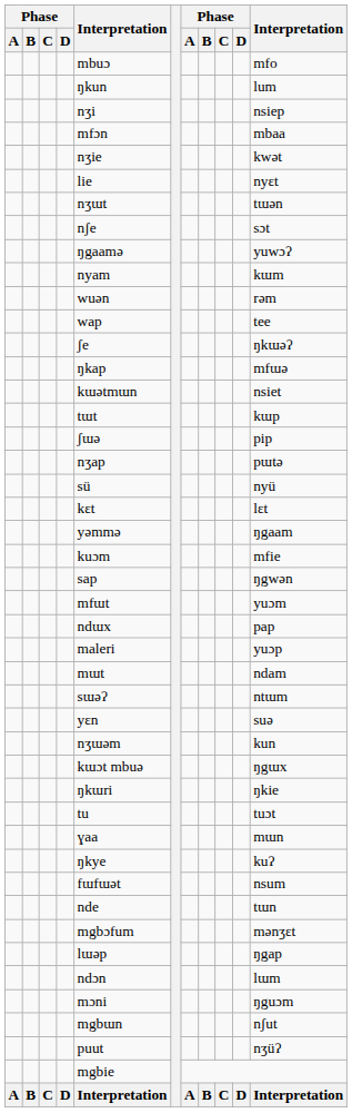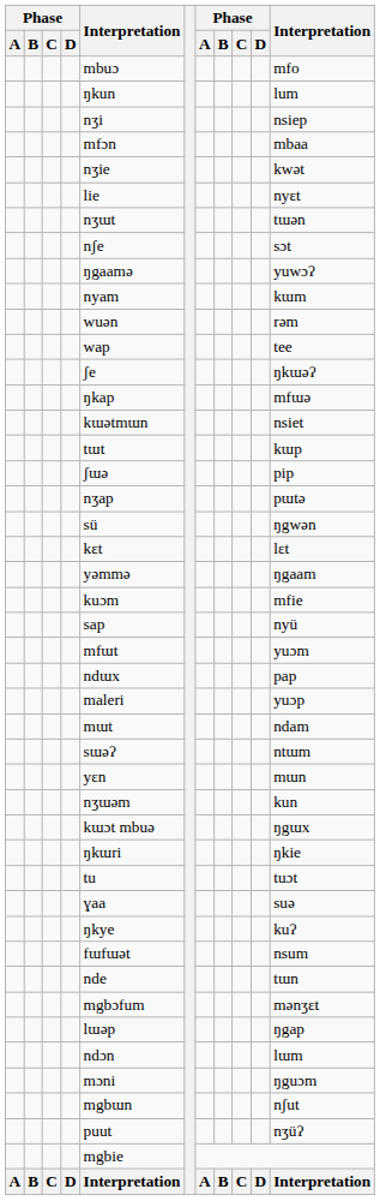 <table class="wikitable Unicode mw-collapsible mw-collapsed" style="border-collapse:collapse;">
 <tr>
 <th colspan="4">Phase</th>
 <th rowspan="2">Interpretation</th>
 <th rowspan="47"> </th>
 <th colspan="4">Phase</th>
 <th rowspan="2">Interpretation</th>
 </tr>
 <tr>
 <th>A</th>
 <th>B</th>
 <th>C</th>
 <th>D</th>
 <th>A</th>
 <th>B</th>
 <th>C</th>
 <th>D</th>
 </tr>
 <tr>
 <td></td>
 <td></td>
 <td></td>
 <td></td>
 <td>mbuɔ</td>
 <td></td>
 <td></td>
 <td></td>
 <td></td>
 <td>mfo</td>
 </tr>
 <tr>
 <td></td>
 <td></td>
 <td></td>
 <td></td>
 <td>ŋkun</td>
 <td></td>
 <td></td>
 <td></td>
 <td></td>
 <td>lum</td>
 </tr>
 <tr>
 <td></td>
 <td></td>
 <td></td>
 <td></td>
 <td>nʒi</td>
 <td></td>
 <td></td>
 <td></td>
 <td></td>
 <td>nsiep</td>
 </tr>
 <tr>
 <td></td>
 <td></td>
 <td></td>
 <td></td>
 <td>mfɔn</td>
 <td></td>
 <td></td>
 <td></td>
 <td></td>
 <td>mbaa</td>
 </tr>
 <tr>
 <td></td>
 <td></td>
 <td></td>
 <td></td>
 <td>nʒie</td>
 <td></td>
 <td></td>
 <td></td>
 <td></td>
 <td>kwət</td>
 </tr>
 <tr>
 <td></td>
 <td></td>
 <td></td>
 <td></td>
 <td>lie</td>
 <td></td>
 <td></td>
 <td></td>
 <td></td>
 <td>nyɛt</td>
 </tr>
 <tr>
 <td></td>
 <td></td>
 <td></td>
 <td></td>
 <td>nʒɯt</td>
 <td></td>
 <td></td>
 <td></td>
 <td></td>
 <td>tɯən</td>
 </tr>
 <tr>
 <td></td>
 <td></td>
 <td></td>
 <td></td>
 <td>nʃe</td>
 <td></td>
 <td></td>
 <td></td>
 <td></td>
 <td>sɔt</td>
 </tr>
 <tr>
 <td></td>
 <td></td>
 <td></td>
 <td></td>
 <td>ŋgaamə</td>
 <td></td>
 <td></td>
 <td></td>
 <td></td>
 <td>yuwɔʔ</td>
 </tr>
 <tr>
 <td></td>
 <td></td>
 <td></td>
 <td></td>
 <td>nyam</td>
 <td></td>
 <td></td>
 <td></td>
 <td></td>
 <td>kɯm</td>
 </tr>
 <tr>
 <td></td>
 <td></td>
 <td></td>
 <td></td>
 <td>wuən</td>
 <td></td>
 <td></td>
 <td></td>
 <td></td>
 <td>rəm</td>
 </tr>
 <tr>
 <td></td>
 <td></td>
 <td></td>
 <td></td>
 <td>wap</td>
 <td></td>
 <td></td>
 <td></td>
 <td></td>
 <td>tee</td>
 </tr>
 <tr>
 <td></td>
 <td></td>
 <td></td>
 <td></td>
 <td>ʃe</td>
 <td></td>
 <td></td>
 <td></td>
 <td></td>
 <td>ŋkɯəʔ</td>
 </tr>
 <tr>
 <td></td>
 <td></td>
 <td></td>
 <td></td>
 <td>ŋkap</td>
 <td></td>
 <td></td>
 <td></td>
 <td></td>
 <td>mfɯə</td>
 </tr>
 <tr>
 <td></td>
 <td></td>
 <td></td>
 <td></td>
 <td>kɯətmɯn</td>
 <td></td>
 <td></td>
 <td></td>
 <td></td>
 <td>nsiet</td>
 </tr>
 <tr>
 <td></td>
 <td></td>
 <td></td>
 <td></td>
 <td>tɯt</td>
 <td></td>
 <td></td>
 <td></td>
 <td></td>
 <td>kɯp</td>
 </tr>
 <tr>
 <td></td>
 <td></td>
 <td></td>
 <td></td>
 <td>ʃɯə</td>
 <td></td>
 <td></td>
 <td></td>
 <td></td>
 <td>pip</td>
 </tr>
 <tr>
 <td></td>
 <td></td>
 <td></td>
 <td></td>
 <td>nʒap</td>
 <td></td>
 <td></td>
 <td></td>
 <td></td>
 <td>pɯtə</td>
 </tr>
 <tr>
 <td></td>
 <td></td>
 <td></td>
 <td></td>
 <td>sü</td>
 <td></td>
 <td></td>
 <td></td>
 <td></td>
-<td>nyü</td>
+<td>ŋgwən</td>
 </tr>
 <tr>
 <td></td>
 <td></td>
 <td></td>
 <td></td>
 <td>kɛt</td>
 <td></td>
 <td></td>
 <td></td>
 <td></td>
 <td>lɛt</td>
 </tr>
 <tr>
 <td></td>
 <td></td>
 <td></td>
 <td></td>
 <td>yəmmə</td>
 <td></td>
 <td></td>
 <td></td>
 <td></td>
 <td>ŋgaam</td>
 </tr>
 <tr>
 <td></td>
 <td></td>
 <td></td>
 <td></td>
 <td>kuɔm</td>
 <td></td>
 <td></td>
 <td></td>
 <td></td>
 <td>mfie</td>
 </tr>
 <tr>
 <td></td>
 <td></td>
 <td></td>
 <td></td>
 <td>sap</td>
 <td></td>
 <td></td>
 <td></td>
 <td></td>
-<td>ŋgwən</td>
+<td>nyü</td>
 </tr>
 <tr>
 <td></td>
 <td></td>
 <td></td>
 <td></td>
 <td>mfɯt</td>
 <td></td>
 <td></td>
 <td></td>
 <td></td>
 <td>yuɔm</td>
 </tr>
 <tr>
 <td></td>
 <td></td>
 <td></td>
 <td></td>
 <td>ndɯx</td>
 <td></td>
 <td></td>
 <td></td>
 <td></td>
 <td>pap</td>
 </tr>
 <tr>
 <td></td>
 <td></td>
 <td></td>
 <td></td>
 <td>maleri</td>
 <td></td>
 <td></td>
 <td></td>
 <td></td>
 <td>yuɔp</td>
 </tr>
 <tr>
 <td></td>
 <td></td>
 <td></td>
 <td></td>
 <td>mɯt</td>
 <td></td>
 <td></td>
 <td></td>
 <td></td>
 <td>ndam</td>
 </tr>
 <tr>
 <td></td>
 <td></td>
 <td></td>
 <td></td>
 <td>sɯəʔ</td>
 <td></td>
 <td></td>
 <td></td>
 <td></td>
 <td>ntɯm</td>
 </tr>
 <tr>
 <td></td>
 <td></td>
 <td></td>
 <td></td>
 <td>yɛn</td>
 <td></td>
 <td></td>
 <td></td>
 <td></td>
-<td>suə</td>
+<td>mɯn</td>
 </tr>
 <tr>
 <td></td>
 <td></td>
 <td></td>
 <td></td>
 <td>nʒɯəm</td>
 <td></td>
 <td></td>
 <td></td>
 <td></td>
 <td>kun</td>
 </tr>
 <tr>
 <td></td>
 <td></td>
 <td></td>
 <td></td>
 <td>kɯɔt mbuə</td>
 <td></td>
 <td></td>
 <td></td>
 <td></td>
 <td>ŋgɯx</td>
 </tr>
 <tr>
 <td></td>
 <td></td>
 <td></td>
 <td></td>
 <td>ŋkɯri</td>
 <td></td>
 <td></td>
 <td></td>
 <td></td>
 <td>ŋkie</td>
 </tr>
 <tr>
 <td></td>
 <td></td>
 <td></td>
 <td></td>
 <td>tu</td>
 <td></td>
 <td></td>
 <td></td>
 <td></td>
 <td>tuɔt</td>
 </tr>
 <tr>
 <td></td>
 <td></td>
 <td></td>
 <td></td>
 <td>ɣaa</td>
 <td></td>
 <td></td>
 <td></td>
 <td></td>
-<td>mɯn</td>
+<td>suə</td>
 </tr>
 <tr>
 <td></td>
 <td></td>
 <td></td>
 <td></td>
 <td>ŋkye</td>
 <td></td>
 <td></td>
 <td></td>
 <td></td>
 <td>kuʔ</td>
 </tr>
 <tr>
 <td></td>
 <td></td>
 <td></td>
 <td></td>
 <td>fɯfɯət</td>
 <td></td>
 <td></td>
 <td></td>
 <td></td>
 <td>nsum</td>
 </tr>
 <tr>
 <td></td>
 <td></td>
 <td></td>
 <td></td>
 <td>nde</td>
 <td></td>
 <td></td>
 <td></td>
 <td></td>
 <td>tɯn</td>
 </tr>
 <tr>
 <td></td>
 <td></td>
 <td></td>
 <td></td>
 <td>mgbɔfum</td>
 <td></td>
 <td></td>
 <td></td>
 <td></td>
 <td>mənʒɛt</td>
 </tr>
 <tr>
 <td></td>
 <td></td>
 <td></td>
 <td></td>
 <td>lɯəp</td>
 <td></td>
 <td></td>
 <td></td>
 <td></td>
 <td>ŋgap</td>
 </tr>
 <tr>
 <td></td>
 <td></td>
 <td></td>
 <td></td>
 <td>ndɔn</td>
 <td></td>
 <td></td>
 <td></td>
 <td></td>
 <td>lɯm</td>
 </tr>
 <tr>
 <td></td>
 <td></td>
 <td></td>
 <td></td>
 <td>mɔni</td>
 <td></td>
 <td></td>
 <td></td>
 <td></td>
 <td>ŋguɔm</td>
 </tr>
 <tr>
 <td></td>
 <td></td>
 <td></td>
 <td></td>
 <td>mgbɯn</td>
 <td></td>
 <td></td>
 <td></td>
 <td></td>
 <td>nʃut</td>
 </tr>
 <tr>
 <td></td>
 <td></td>
 <td></td>
 <td></td>
 <td>puut</td>
 <td></td>
 <td></td>
 <td></td>
 <td></td>
 <td>nʒüʔ</td>
 </tr>
 <tr>
 <td></td>
 <td></td>
 <td></td>
 <td></td>
 <td>mgbie</td>
 </tr>
 <tr>
 <th>A</th>
 <th>B</th>
 <th>C</th>
 <th>D</th>
 <th>Interpretation</th>
 <th>A</th>
 <th>B</th>
 <th>C</th>
 <th>D</th>
 <th>Interpretation</th>
 </tr>
 </table>
